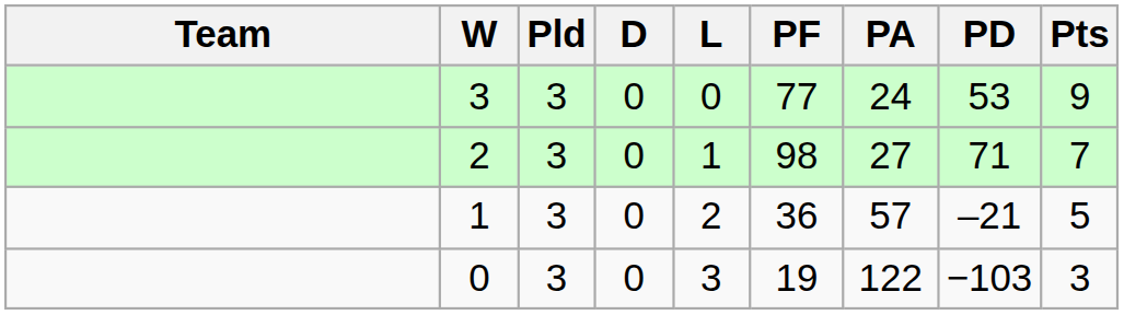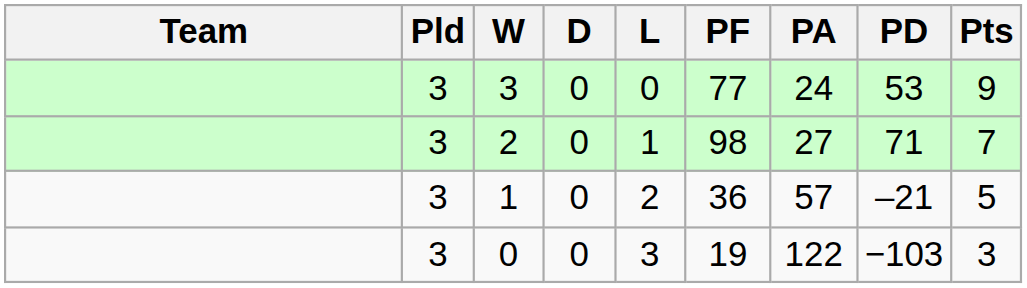 <table class="wikitable" style="text-align:center;">
 <tr>
 <th width=175>Team</th>
+<th width=25 abbr="Played">Pld</th>
 <th width=25 abbr="Won">W</th>
-<th width=25 abbr="Played">Pld</th>
 <th width=25 abbr="Drawn">D</th>
 <th width=25 abbr="Lost">L</th>
 <th width=32 abbr="Points for">PF</th>
 <th width=32 abbr="Points against">PA</th>
 <th width=32 abbr="Points difference">PD</th>
 <th width=25 abbr="Points">Pts</th>
 </tr>
 <tr bgcolor="#ccffcc">
 <td align=left></td>
 <td>3</td>
 <td>3</td>
 <td>0</td>
 <td>0</td>
 <td>77</td>
 <td>24</td>
 <td>53</td>
 <td>9</td>
 </tr>
 <tr bgcolor="#ccffcc">
 <td align=left></td>
+<td>3</td>
 <td>2</td>
-<td>3</td>
 <td>0</td>
 <td>1</td>
 <td>98</td>
 <td>27</td>
 <td>71</td>
 <td>7</td>
 </tr>
 <tr>
 <td align=left></td>
+<td>3</td>
 <td>1</td>
-<td>3</td>
 <td>0</td>
 <td>2</td>
 <td>36</td>
 <td>57</td>
 <td>–21</td>
 <td>5</td>
 </tr>
 <tr>
 <td align=left></td>
+<td>3</td>
 <td>0</td>
-<td>3</td>
 <td>0</td>
 <td>3</td>
 <td>19</td>
 <td>122</td>
 <td>−103</td>
 <td>3</td>
 </tr>
 </table>
